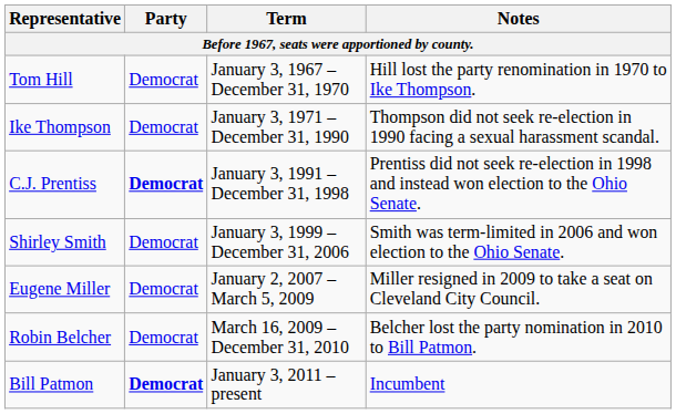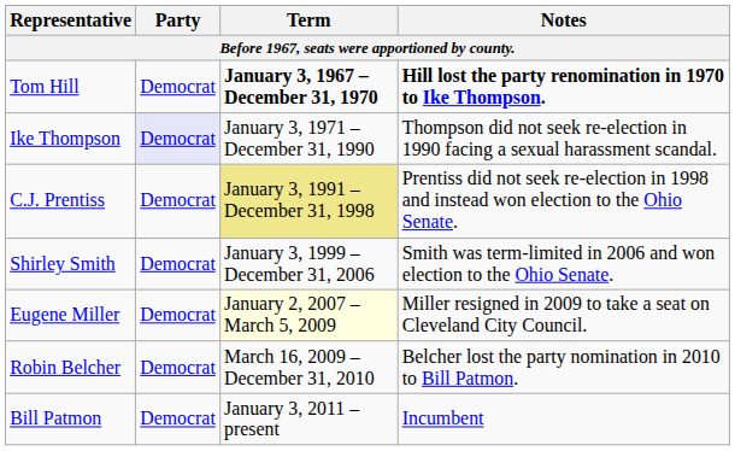 <table class=wikitable>
 <tr valign=bottom>
 <th>Representative</th>
 <th>Party</th>
 <th>Term</th>
 <th>Notes</th>
 </tr>
 <tr>
 <th colspan=5 style="font-size: 80%;"><em>Before 1967, seats were apportioned by county.</em></th>
 </tr>
 <tr>
 <td><a href='#'>Tom Hill</a></td>
 <td><a href='#'>Democrat</a></td>
-<td>January 3, 1967 – December 31, 1970</td>
-<td>Hill lost the party renomination in 1970 to <a href='#'>Ike Thompson</a>.</td>
+<td><strong>January 3, 1967 – December 31, 1970</strong></td>
+<td><strong>Hill lost the party renomination in 1970 to <a href='#'>Ike Thompson</a>.</strong></td>
 </tr>
 <tr>
 <td><a href='#'>Ike Thompson</a></td>
-<td><a href='#'>Democrat</a></td>
+<td style="background: lavender;"><a href='#'>Democrat</a></td>
 <td>January 3, 1971 – December 31, 1990</td>
 <td>Thompson did not seek re-election in 1990 facing a sexual harassment scandal.</td>
 </tr>
 <tr>
 <td><a href='#'>C.J. Prentiss</a></td>
-<td><strong><a href='#'>Democrat</a></strong></td>
-<td>January 3, 1991 – December 31, 1998</td>
+<td><a href='#'>Democrat</a></td>
+<td style="background: khaki;">January 3, 1991 – December 31, 1998</td>
 <td>Prentiss did not seek re-election in 1998 and instead won election to the <a href='#'>Ohio Senate</a>.</td>
 </tr>
 <tr>
 <td><a href='#'>Shirley Smith</a></td>
 <td><a href='#'>Democrat</a></td>
 <td>January 3, 1999 – December 31, 2006</td>
 <td>Smith was term-limited in 2006 and won election to the <a href='#'>Ohio Senate</a>.</td>
 </tr>
 <tr>
 <td><a href='#'>Eugene Miller</a></td>
 <td><a href='#'>Democrat</a></td>
-<td>January 2, 2007 – March 5, 2009</td>
+<td style="background: lightyellow;">January 2, 2007 – March 5, 2009</td>
 <td>Miller resigned in 2009 to take a seat on Cleveland City Council.</td>
 </tr>
 <tr>
 <td><a href='#'>Robin Belcher</a></td>
 <td><a href='#'>Democrat</a></td>
 <td>March 16, 2009 – December 31, 2010</td>
 <td>Belcher lost the party nomination in 2010 to <a href='#'>Bill Patmon</a>.</td>
 </tr>
 <tr>
 <td><a href='#'>Bill Patmon</a></td>
-<td><strong><a href='#'>Democrat</a></strong></td>
+<td><a href='#'>Democrat</a></td>
 <td>January 3, 2011 – present</td>
 <td><a href='#'>Incumbent</a></td>
 </tr>
 </table>
